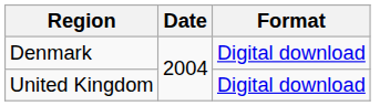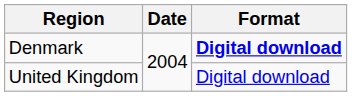 <table class=wikitable>
 <tr>
 <th>Region</th>
 <th>Date</th>
 <th>Format</th>
 </tr>
 <tr>
 <td>Denmark</td>
 <td rowspan="2">2004</td>
-<td><a href='#'>Digital download</a></td>
+<td><strong><a href='#'>Digital download</a></strong></td>
 </tr>
 <tr>
 <td>United Kingdom</td>
 <td><a href='#'>Digital download</a></td>
 </tr>
 </table>
